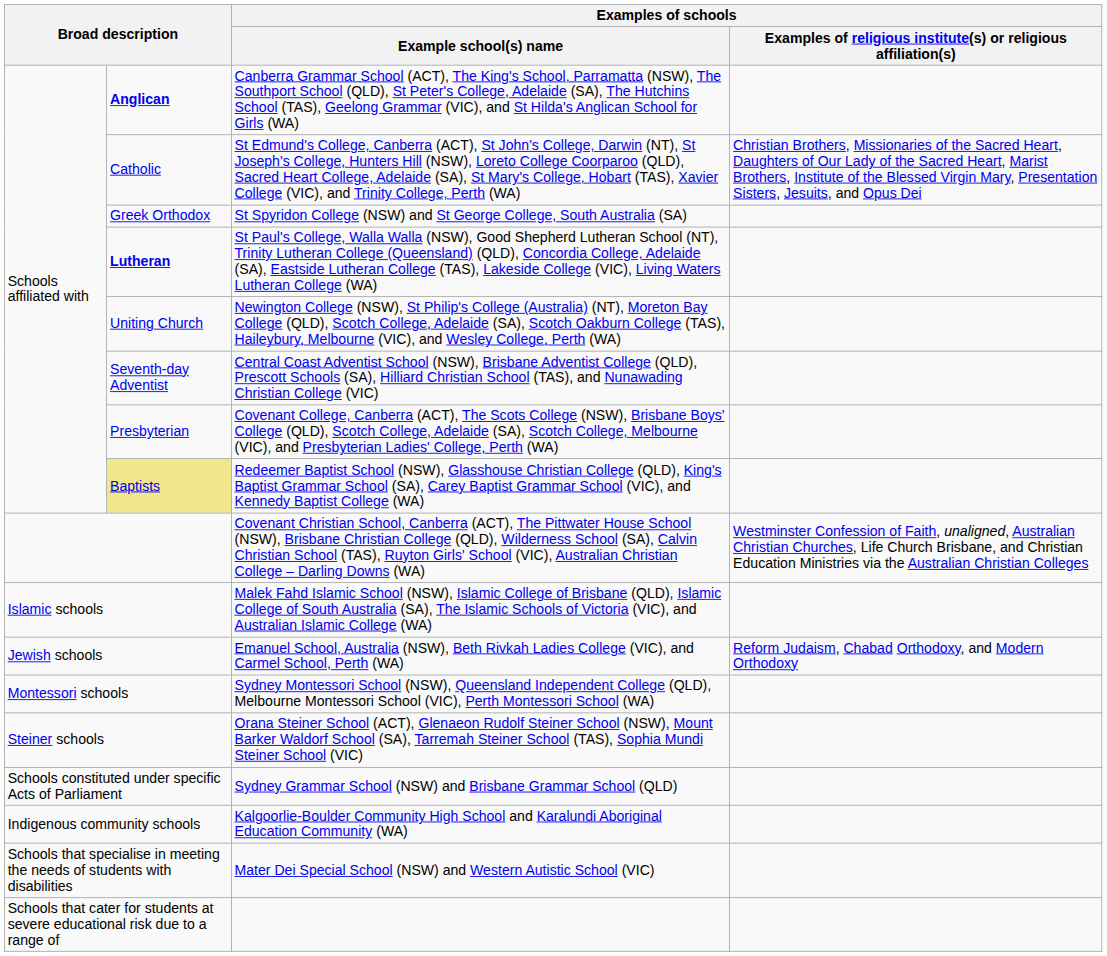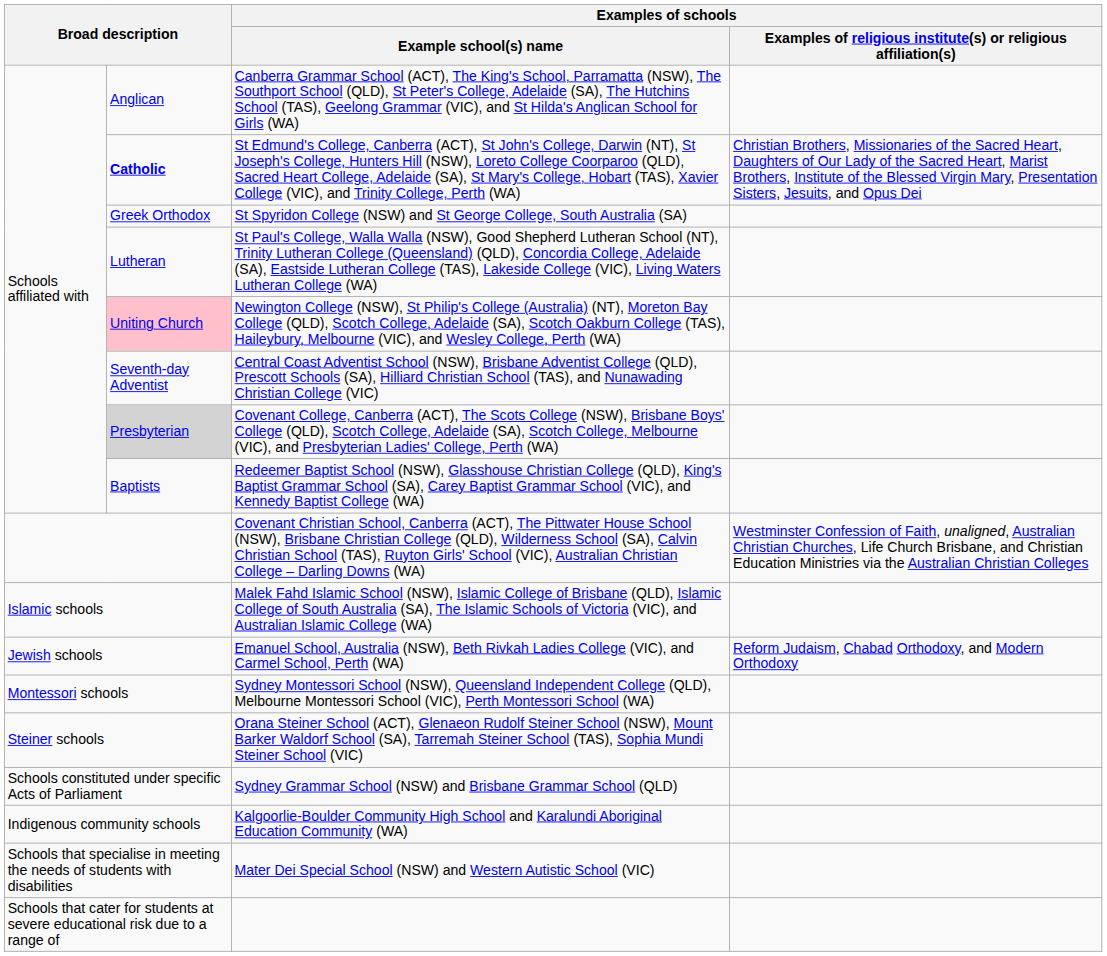 <table class="wikitable sortable">
 <tr>
 <th colspan=2 rowspan=2>Broad description</th>
 <th colspan=2>Examples of schools</th>
 </tr>
 <tr>
 <th>Example school(s) name</th>
 <th>Examples of <a href='#'>religious institute</a>(s) or religious affiliation(s)</th>
 </tr>
 <tr>
 <td rowspan=8>Schools affiliated with<br></td>
-<td><strong><a href='#'>Anglican</a></strong></td>
+<td><a href='#'>Anglican</a></td>
 <td><a href='#'>Canberra Grammar School</a> (ACT), <a href='#'>The King's School, Parramatta</a> (NSW), <a href='#'>The Southport School</a> (QLD), <a href='#'>St Peter's College, Adelaide</a> (SA), <a href='#'>The Hutchins School</a> (TAS), <a href='#'>Geelong Grammar</a> (VIC), and <a href='#'>St Hilda's Anglican School for Girls</a> (WA)</td>
 <td></td>
 </tr>
 <tr>
-<td><a href='#'>Catholic</a></td>
+<td><strong><a href='#'>Catholic</a></strong></td>
 <td><a href='#'>St Edmund's College, Canberra</a> (ACT), <a href='#'>St John's College, Darwin</a> (NT), <a href='#'>St Joseph's College, Hunters Hill</a> (NSW), <a href='#'>Loreto College Coorparoo</a> (QLD), <a href='#'>Sacred Heart College, Adelaide</a> (SA), <a href='#'>St Mary's College, Hobart</a> (TAS), <a href='#'>Xavier College</a> (VIC), and <a href='#'>Trinity College, Perth</a> (WA)</td>
 <td><a href='#'>Christian Brothers</a>, <a href='#'>Missionaries of the Sacred Heart</a>, <a href='#'>Daughters of Our Lady of the Sacred Heart</a>, <a href='#'>Marist Brothers</a>, <a href='#'>Institute of the Blessed Virgin Mary</a>, <a href='#'>Presentation Sisters</a>, <a href='#'>Jesuits</a>, and <a href='#'>Opus Dei</a></td>
 </tr>
 <tr>
 <td><a href='#'>Greek Orthodox</a></td>
 <td><a href='#'>St Spyridon College</a> (NSW) and <a href='#'>St George College, South Australia</a> (SA)</td>
 <td></td>
 </tr>
 <tr>
-<td><strong><a href='#'>Lutheran</a></strong></td>
+<td><a href='#'>Lutheran</a></td>
 <td><a href='#'>St Paul's College, Walla Walla</a> (NSW), Good Shepherd Lutheran School (NT), <a href='#'>Trinity Lutheran College (Queensland)</a> (QLD), <a href='#'>Concordia College, Adelaide</a> (SA), <a href='#'>Eastside Lutheran College</a> (TAS), <a href='#'>Lakeside College</a> (VIC), <a href='#'>Living Waters Lutheran College</a> (WA)</td>
 <td></td>
 </tr>
 <tr>
-<td><a href='#'>Uniting Church</a></td>
+<td style="background: pink;"><a href='#'>Uniting Church</a></td>
 <td><a href='#'>Newington College</a> (NSW), <a href='#'>St Philip's College (Australia)</a> (NT), <a href='#'>Moreton Bay College</a> (QLD), <a href='#'>Scotch College, Adelaide</a> (SA), <a href='#'>Scotch Oakburn College</a> (TAS), <a href='#'>Haileybury, Melbourne</a> (VIC), and <a href='#'>Wesley College, Perth</a> (WA)</td>
 <td></td>
 </tr>
 <tr>
 <td><a href='#'>Seventh-day Adventist</a></td>
 <td><a href='#'>Central Coast Adventist School</a> (NSW), <a href='#'>Brisbane Adventist College</a> (QLD), <a href='#'>Prescott Schools</a> (SA), <a href='#'>Hilliard Christian School</a> (TAS), and <a href='#'>Nunawading Christian College</a> (VIC)</td>
 <td></td>
 </tr>
 <tr>
-<td><a href='#'>Presbyterian</a></td>
+<td style="background: lightgrey;"><a href='#'>Presbyterian</a></td>
 <td><a href='#'>Covenant College, Canberra</a> (ACT), <a href='#'>The Scots College</a> (NSW), <a href='#'>Brisbane Boys' College</a> (QLD), <a href='#'>Scotch College, Adelaide</a> (SA), <a href='#'>Scotch College, Melbourne</a> (VIC), and <a href='#'>Presbyterian Ladies' College, Perth</a> (WA)</td>
 <td></td>
 </tr>
 <tr>
-<td style="background: khaki;"><a href='#'>Baptists</a></td>
+<td><a href='#'>Baptists</a></td>
 <td><a href='#'>Redeemer Baptist School</a> (NSW), <a href='#'>Glasshouse Christian College</a> (QLD), <a href='#'>King's Baptist Grammar School</a> (SA), <a href='#'>Carey Baptist Grammar School</a> (VIC), and <a href='#'>Kennedy Baptist College</a> (WA)</td>
 <td></td>
 </tr>
 <tr>
 <td colspan=2></td>
 <td><a href='#'>Covenant Christian School, Canberra</a> (ACT), <a href='#'>The Pittwater House School</a> (NSW), <a href='#'>Brisbane Christian College</a> (QLD), <a href='#'>Wilderness School</a> (SA), <a href='#'>Calvin Christian School</a> (TAS), <a href='#'>Ruyton Girls' School</a> (VIC), <a href='#'>Australian Christian College – Darling Downs</a> (WA)</td>
 <td><a href='#'>Westminster Confession of Faith</a>, <em>unaligned</em>, <a href='#'>Australian Christian Churches</a>,  Life Church Brisbane, and Christian Education Ministries via the <a href='#'>Australian Christian Colleges</a></td>
 </tr>
 <tr>
 <td colspan=2><a href='#'>Islamic</a> schools</td>
 <td><a href='#'>Malek Fahd Islamic School</a> (NSW), <a href='#'>Islamic College of Brisbane</a> (QLD), <a href='#'>Islamic College of South Australia</a> (SA), <a href='#'>The Islamic Schools of Victoria</a> (VIC), and <a href='#'>Australian Islamic College</a> (WA)</td>
 <td></td>
 </tr>
 <tr>
 <td colspan=2><a href='#'>Jewish</a> schools</td>
 <td><a href='#'>Emanuel School, Australia</a> (NSW), <a href='#'>Beth Rivkah Ladies College</a> (VIC), and <a href='#'>Carmel School, Perth</a> (WA)</td>
 <td><a href='#'>Reform Judaism</a>, <a href='#'>Chabad</a> <a href='#'>Orthodoxy</a>, and <a href='#'>Modern Orthodoxy</a></td>
 </tr>
 <tr>
 <td colspan=2><a href='#'>Montessori</a> schools</td>
 <td><a href='#'>Sydney Montessori School</a> (NSW), <a href='#'>Queensland Independent College</a> (QLD), Melbourne Montessori School (VIC), <a href='#'>Perth Montessori School</a> (WA)</td>
 <td></td>
 </tr>
 <tr>
 <td colspan=2><a href='#'>Steiner</a> schools</td>
 <td><a href='#'>Orana Steiner School</a> (ACT), <a href='#'>Glenaeon Rudolf Steiner School</a> (NSW), <a href='#'>Mount Barker Waldorf School</a> (SA), <a href='#'>Tarremah Steiner School</a> (TAS), <a href='#'>Sophia Mundi Steiner School</a> (VIC)</td>
 <td></td>
 </tr>
 <tr>
 <td colspan=2>Schools constituted under specific<br>Acts of Parliament<br></td>
 <td><a href='#'>Sydney Grammar School</a> (NSW) and <a href='#'>Brisbane Grammar School</a> (QLD)</td>
 <td></td>
 </tr>
 <tr>
 <td colspan=2>Indigenous community schools</td>
 <td><a href='#'>Kalgoorlie-Boulder Community High School</a> and <a href='#'>Karalundi Aboriginal Education Community</a> (WA)</td>
 <td></td>
 </tr>
 <tr>
 <td colspan=2>Schools that specialise in meeting the needs of students with disabilities</td>
 <td><a href='#'>Mater Dei Special School</a> (NSW) and <a href='#'>Western Autistic School</a> (VIC)</td>
 <td></td>
 </tr>
 <tr>
 <td colspan=2>Schools that cater for students at severe educational risk due to a range of </td>
 <td></td>
 <td></td>
 </tr>
 </table>
